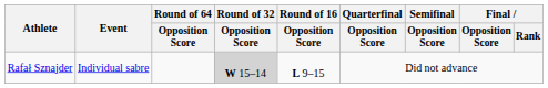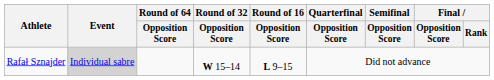 <table class="wikitable" style="font-size:90%">
 <tr>
 <th rowspan="2">Athlete</th>
 <th rowspan="2">Event</th>
 <th>Round of 64</th>
 <th>Round of 32</th>
 <th>Round of 16</th>
 <th>Quarterfinal</th>
 <th>Semifinal</th>
 <th colspan=2>Final / </th>
 </tr>
 <tr style="font-size:95%">
 <th>Opposition <br> Score</th>
 <th>Opposition <br> Score</th>
 <th>Opposition <br> Score</th>
 <th>Opposition <br> Score</th>
 <th>Opposition <br> Score</th>
 <th>Opposition <br> Score</th>
 <th>Rank</th>
 </tr>
 <tr align=center>
 <td align=left><a href='#'>Rafał Sznajder</a></td>
-<td align=left><a href='#'>Individual sabre</a></td>
+<td align=left style="background: lightgrey;"><a href='#'>Individual sabre</a></td>
 <td></td>
-<td style="background: lightgrey;"><br><strong>W</strong> 15–14</td>
+<td><br><strong>W</strong> 15–14</td>
 <td><br><strong>L</strong> 9–15</td>
 <td colspan=4>Did not advance</td>
 </tr>
 </table>
